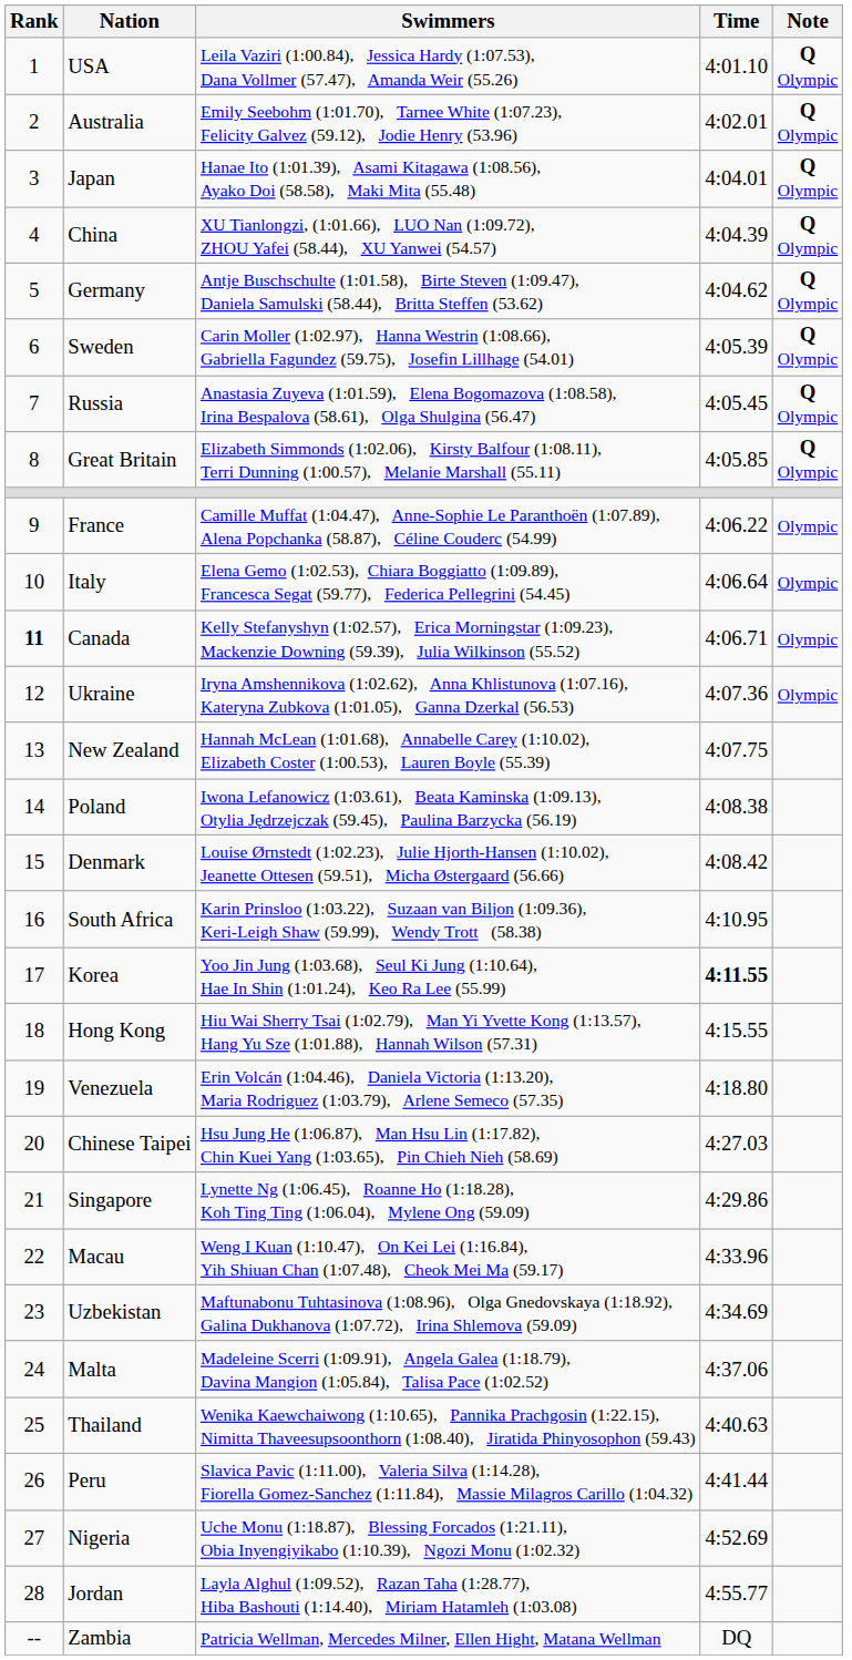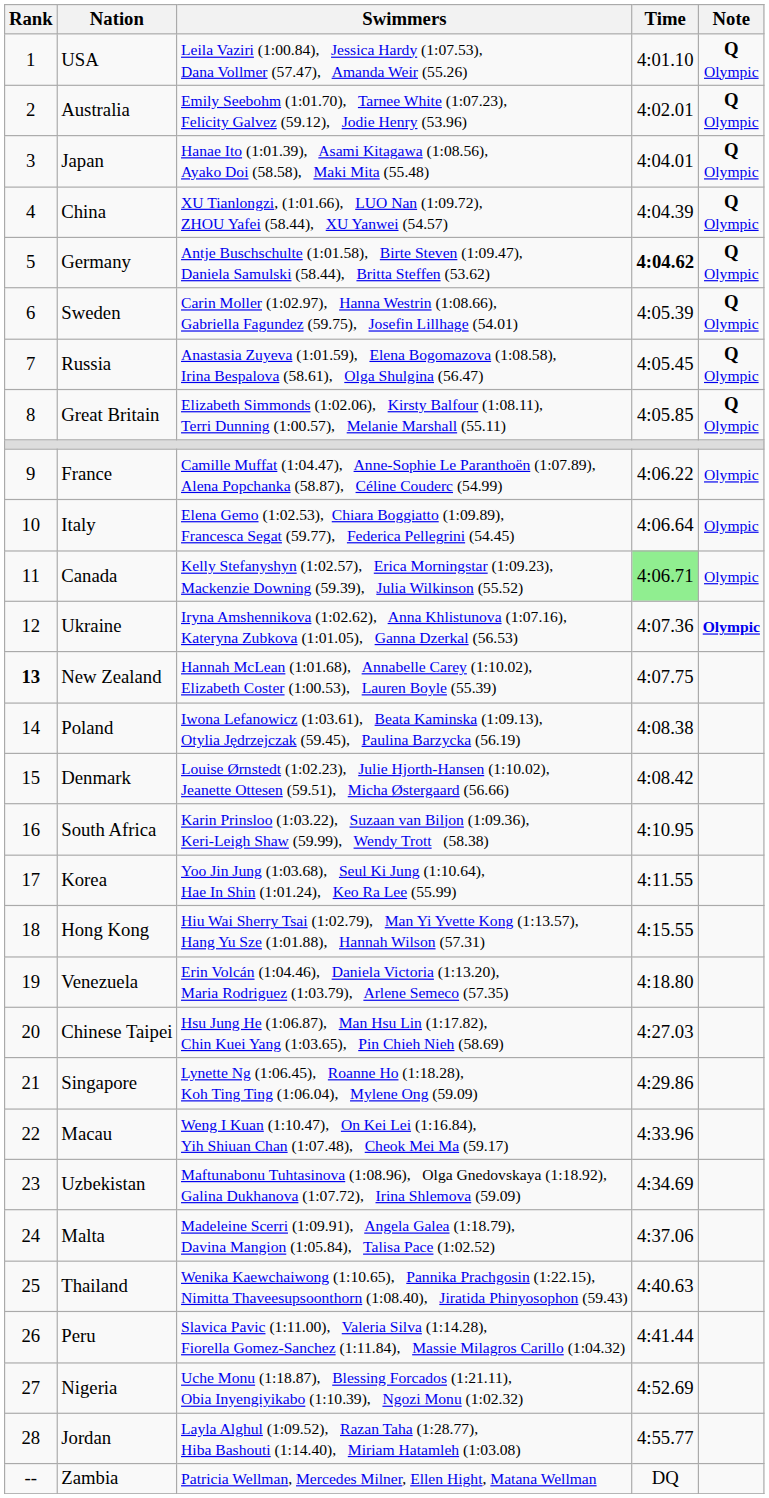 <table class="wikitable" style="text-align:center">
 <tr>
 <th>Rank</th>
 <th>Nation</th>
 <th>Swimmers</th>
 <th>Time</th>
 <th>Note</th>
 </tr>
 <tr>
 <td>1</td>
 <td align=left> USA</td>
 <td align=left><small> <a href='#'>Leila Vaziri</a> (1:00.84),   <a href='#'>Jessica Hardy</a> (1:07.53),<br> <a href='#'>Dana Vollmer</a> (57.47),   <a href='#'>Amanda Weir</a> (55.26) </small></td>
 <td>4:01.10</td>
 <td><strong>Q</strong> <br><small><a href='#'>Olympic</a></small></td>
 </tr>
 <tr>
 <td>2</td>
 <td align=left> Australia</td>
 <td align=left><small> <a href='#'>Emily Seebohm</a> (1:01.70),   <a href='#'>Tarnee White</a> (1:07.23),<br> <a href='#'>Felicity Galvez</a> (59.12),   <a href='#'>Jodie Henry</a> (53.96) </small></td>
 <td>4:02.01</td>
 <td><strong>Q</strong> <br><small><a href='#'>Olympic</a></small></td>
 </tr>
 <tr>
 <td>3</td>
 <td align=left> Japan</td>
 <td align=left><small> <a href='#'>Hanae Ito</a> (1:01.39),   <a href='#'>Asami Kitagawa</a> (1:08.56),<br> <a href='#'>Ayako Doi</a> (58.58),   <a href='#'>Maki Mita</a> (55.48) </small></td>
 <td>4:04.01</td>
 <td><strong>Q</strong> <br><small><a href='#'>Olympic</a></small></td>
 </tr>
 <tr>
 <td>4</td>
 <td align=left> China</td>
 <td align=left><small> <a href='#'>XU Tianlongzi</a>, (1:01.66),   <a href='#'>LUO Nan</a> (1:09.72),<br> <a href='#'>ZHOU Yafei</a> (58.44),   <a href='#'>XU Yanwei</a> (54.57) </small></td>
 <td>4:04.39</td>
 <td><strong>Q</strong> <br><small><a href='#'>Olympic</a></small></td>
 </tr>
 <tr>
 <td>5</td>
 <td align=left> Germany</td>
 <td align=left><small> <a href='#'>Antje Buschschulte</a> (1:01.58),   <a href='#'>Birte Steven</a> (1:09.47),<br> <a href='#'>Daniela Samulski</a> (58.44),   <a href='#'>Britta Steffen</a> (53.62) </small></td>
-<td>4:04.62</td>
+<td><strong>4:04.62</strong></td>
 <td><strong>Q</strong> <br><small><a href='#'>Olympic</a></small></td>
 </tr>
 <tr>
 <td>6</td>
 <td align=left> Sweden</td>
 <td align=left><small> <a href='#'>Carin Moller</a> (1:02.97),   <a href='#'>Hanna Westrin</a> (1:08.66),<br> <a href='#'>Gabriella Fagundez</a> (59.75),   <a href='#'>Josefin Lillhage</a> (54.01) </small></td>
 <td>4:05.39</td>
 <td><strong>Q</strong> <br><small><a href='#'>Olympic</a></small></td>
 </tr>
 <tr>
 <td>7</td>
 <td align=left> Russia</td>
 <td align=left><small> <a href='#'>Anastasia Zuyeva</a> (1:01.59),   <a href='#'>Elena Bogomazova</a> (1:08.58),<br> <a href='#'>Irina Bespalova</a> (58.61),   <a href='#'>Olga Shulgina</a> (56.47) </small></td>
 <td>4:05.45</td>
 <td><strong>Q</strong> <br><small><a href='#'>Olympic</a></small></td>
 </tr>
 <tr>
 <td>8</td>
 <td align=left> Great Britain</td>
 <td align=left><small> <a href='#'>Elizabeth Simmonds</a> (1:02.06),   <a href='#'>Kirsty Balfour</a> (1:08.11),<br> <a href='#'>Terri Dunning</a> (1:00.57),   <a href='#'>Melanie Marshall</a> (55.11) </small></td>
 <td>4:05.85</td>
 <td><strong>Q</strong> <br><small><a href='#'>Olympic</a></small></td>
 </tr>
 <tr bgcolor=#DDDDDD>
 <td colspan=5></td>
 </tr>
 <tr>
 <td>9</td>
 <td align=left> France</td>
 <td align=left><small> <a href='#'>Camille Muffat</a> (1:04.47),   <a href='#'>Anne-Sophie Le Paranthoën</a> (1:07.89),<br> <a href='#'>Alena Popchanka</a> (58.87),   <a href='#'>Céline Couderc</a> (54.99) </small></td>
 <td>4:06.22</td>
 <td><small><a href='#'>Olympic</a></small></td>
 </tr>
 <tr>
 <td>10</td>
 <td align=left> Italy</td>
 <td align=left><small> <a href='#'>Elena Gemo</a> (1:02.53),  <a href='#'>Chiara Boggiatto</a> (1:09.89),<br> <a href='#'>Francesca Segat</a> (59.77),   <a href='#'>Federica Pellegrini</a> (54.45) </small></td>
 <td>4:06.64</td>
 <td><small><a href='#'>Olympic</a></small></td>
 </tr>
 <tr>
-<td><strong>11</strong></td>
+<td>11</td>
 <td align=left> Canada</td>
 <td align=left><small> <a href='#'>Kelly Stefanyshyn</a> (1:02.57),   <a href='#'>Erica Morningstar</a> (1:09.23),<br> <a href='#'>Mackenzie Downing</a> (59.39),   <a href='#'>Julia Wilkinson</a> (55.52) </small></td>
-<td>4:06.71</td>
+<td style="background: lightgreen;">4:06.71</td>
 <td><small><a href='#'>Olympic</a></small></td>
 </tr>
 <tr>
 <td>12</td>
 <td align=left> Ukraine</td>
 <td align=left><small> <a href='#'>Iryna Amshennikova</a> (1:02.62),   <a href='#'>Anna Khlistunova</a> (1:07.16),<br> <a href='#'>Kateryna Zubkova</a> (1:01.05),   <a href='#'>Ganna Dzerkal</a> (56.53) </small></td>
 <td>4:07.36</td>
-<td><small><a href='#'>Olympic</a></small></td>
+<td><strong><small><a href='#'>Olympic</a></small></strong></td>
 </tr>
 <tr>
-<td>13</td>
+<td><strong>13</strong></td>
 <td align=left> New Zealand</td>
 <td align=left><small> <a href='#'>Hannah McLean</a> (1:01.68),   <a href='#'>Annabelle Carey</a> (1:10.02),<br> <a href='#'>Elizabeth Coster</a> (1:00.53),   <a href='#'>Lauren Boyle</a> (55.39) </small></td>
 <td>4:07.75</td>
 <td></td>
 </tr>
 <tr>
 <td>14</td>
 <td align=left> Poland</td>
 <td align=left><small> <a href='#'>Iwona Lefanowicz</a> (1:03.61),   <a href='#'>Beata Kaminska</a> (1:09.13),<br> <a href='#'>Otylia Jędrzejczak</a> (59.45),   <a href='#'>Paulina Barzycka</a> (56.19) </small></td>
 <td>4:08.38</td>
 <td></td>
 </tr>
 <tr>
 <td>15</td>
 <td align=left> Denmark</td>
 <td align=left><small> <a href='#'>Louise Ørnstedt</a> (1:02.23),   <a href='#'>Julie Hjorth-Hansen</a> (1:10.02),<br> <a href='#'>Jeanette Ottesen</a> (59.51),   <a href='#'>Micha Østergaard</a> (56.66) </small></td>
 <td>4:08.42</td>
 <td></td>
 </tr>
 <tr>
 <td>16</td>
 <td align=left> South Africa</td>
 <td align=left><small> <a href='#'>Karin Prinsloo</a> (1:03.22),   <a href='#'>Suzaan van Biljon</a> (1:09.36),<br> <a href='#'>Keri-Leigh Shaw</a> (59.99),   <a href='#'>Wendy Trott</a>   (58.38) </small></td>
 <td>4:10.95</td>
 <td></td>
 </tr>
 <tr>
 <td>17</td>
 <td align=left> Korea</td>
 <td align=left><small> <a href='#'>Yoo Jin Jung</a> (1:03.68),   <a href='#'>Seul Ki Jung</a> (1:10.64),<br> <a href='#'>Hae In Shin</a> (1:01.24),   <a href='#'>Keo Ra Lee</a> (55.99) </small></td>
-<td><strong>4:11.55</strong></td>
+<td>4:11.55</td>
 <td></td>
 </tr>
 <tr>
 <td>18</td>
 <td align=left> Hong Kong</td>
 <td align=left><small> <a href='#'>Hiu Wai Sherry Tsai</a> (1:02.79),   <a href='#'>Man Yi Yvette Kong</a> (1:13.57),<br> <a href='#'>Hang Yu Sze</a> (1:01.88),   <a href='#'>Hannah Wilson</a> (57.31) </small></td>
 <td>4:15.55</td>
 <td></td>
 </tr>
 <tr>
 <td>19</td>
 <td align=left> Venezuela</td>
 <td align=left><small> <a href='#'>Erin Volcán</a> (1:04.46),   <a href='#'>Daniela Victoria</a> (1:13.20),<br> <a href='#'>Maria Rodriguez</a> (1:03.79),   <a href='#'>Arlene Semeco</a> (57.35) </small></td>
 <td>4:18.80</td>
 <td></td>
 </tr>
 <tr>
 <td>20</td>
 <td align=left> Chinese Taipei</td>
 <td align=left><small> <a href='#'>Hsu Jung He</a> (1:06.87),   <a href='#'>Man Hsu Lin</a> (1:17.82),<br> <a href='#'>Chin Kuei Yang</a> (1:03.65),   <a href='#'>Pin Chieh Nieh</a> (58.69) </small></td>
 <td>4:27.03</td>
 <td></td>
 </tr>
 <tr>
 <td>21</td>
 <td align=left> Singapore</td>
 <td align=left><small> <a href='#'>Lynette Ng</a> (1:06.45),   <a href='#'>Roanne Ho</a> (1:18.28),<br> <a href='#'>Koh Ting Ting</a> (1:06.04),   <a href='#'>Mylene Ong</a> (59.09) </small></td>
 <td>4:29.86</td>
 <td></td>
 </tr>
 <tr>
 <td>22</td>
 <td align=left> Macau</td>
 <td align=left><small> <a href='#'>Weng I Kuan</a> (1:10.47),   <a href='#'>On Kei Lei</a> (1:16.84),<br> <a href='#'>Yih Shiuan Chan</a> (1:07.48),   <a href='#'>Cheok Mei Ma</a> (59.17) </small></td>
 <td>4:33.96</td>
 <td></td>
 </tr>
 <tr>
 <td>23</td>
 <td align=left> Uzbekistan</td>
 <td align=left><small> <a href='#'>Maftunabonu Tuhtasinova</a> (1:08.96),   Olga Gnedovskaya (1:18.92),<br> <a href='#'>Galina Dukhanova</a> (1:07.72),   <a href='#'>Irina Shlemova</a> (59.09) </small></td>
 <td>4:34.69</td>
 <td></td>
 </tr>
 <tr>
 <td>24</td>
 <td align=left> Malta</td>
 <td align=left><small> <a href='#'>Madeleine Scerri</a> (1:09.91),   <a href='#'>Angela Galea</a> (1:18.79),<br> <a href='#'>Davina Mangion</a> (1:05.84),   <a href='#'>Talisa Pace</a> (1:02.52) </small></td>
 <td>4:37.06</td>
 <td></td>
 </tr>
 <tr>
 <td>25</td>
 <td align=left> Thailand</td>
 <td align=left><small> <a href='#'>Wenika Kaewchaiwong</a> (1:10.65),   <a href='#'>Pannika Prachgosin</a> (1:22.15),<br> <a href='#'>Nimitta Thaveesupsoonthorn</a> (1:08.40),   <a href='#'>Jiratida Phinyosophon</a> (59.43) </small></td>
 <td>4:40.63</td>
 <td></td>
 </tr>
 <tr>
 <td>26</td>
 <td align=left> Peru</td>
 <td align=left><small> <a href='#'>Slavica Pavic</a> (1:11.00),   <a href='#'>Valeria Silva</a> (1:14.28),<br> <a href='#'>Fiorella Gomez-Sanchez</a> (1:11.84),   <a href='#'>Massie Milagros Carillo</a> (1:04.32) </small></td>
 <td>4:41.44</td>
 <td></td>
 </tr>
 <tr>
 <td>27</td>
 <td align=left> Nigeria</td>
 <td align=left><small> <a href='#'>Uche Monu</a> (1:18.87),   <a href='#'>Blessing Forcados</a> (1:21.11),<br> <a href='#'>Obia Inyengiyikabo</a> (1:10.39),   <a href='#'>Ngozi Monu</a> (1:02.32) </small></td>
 <td>4:52.69</td>
 <td></td>
 </tr>
 <tr>
 <td>28</td>
 <td align=left> Jordan</td>
 <td align=left><small> <a href='#'>Layla Alghul</a> (1:09.52),   <a href='#'>Razan Taha</a> (1:28.77),<br> <a href='#'>Hiba Bashouti</a> (1:14.40),   <a href='#'>Miriam Hatamleh</a> (1:03.08) </small></td>
 <td>4:55.77</td>
 <td></td>
 </tr>
 <tr>
 <td>--</td>
 <td align=left> Zambia</td>
 <td align=left><small> <a href='#'>Patricia Wellman</a>, <a href='#'>Mercedes Milner</a>, <a href='#'>Ellen Hight</a>, <a href='#'>Matana Wellman</a> </small></td>
 <td>DQ</td>
 <td></td>
 </tr>
 <tr>
 </tr>
 </table>
